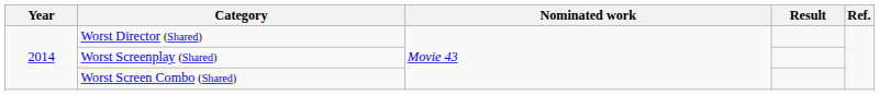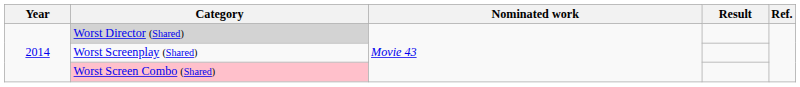 <table class=wikitable>
 <tr>
 <th scope="col" style="width:5em;">Year</th>
 <th scope="col" style="width:24em;">Category</th>
 <th scope="col" style="width:27em;">Nominated work</th>
 <th scope="col" style="width:5em;">Result</th>
 <th>Ref.</th>
 </tr>
 <tr>
 <td style="text-align:center;", rowspan="3"><a href='#'>2014</a></td>
-<td><a href='#'>Worst Director</a> <small>(<a href='#'>Shared</a>)</small></td>
+<td style="background: lightgrey;"><a href='#'>Worst Director</a> <small>(<a href='#'>Shared</a>)</small></td>
 <td rowspan="3"><em><a href='#'>Movie 43</a></em></td>
 <td></td>
 <td style="text-align:center;" rowspan="3"></td>
 </tr>
 <tr>
 <td><a href='#'>Worst Screenplay</a> <small>(<a href='#'>Shared</a>)</small></td>
 <td></td>
 </tr>
 <tr>
-<td><a href='#'>Worst Screen Combo</a> <small>(<a href='#'>Shared</a>)</small></td>
+<td style="background: pink;"><a href='#'>Worst Screen Combo</a> <small>(<a href='#'>Shared</a>)</small></td>
 <td></td>
 </tr>
 </table>
